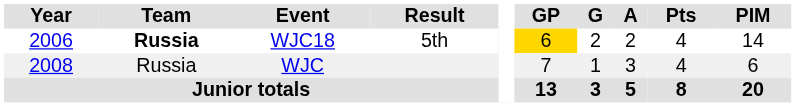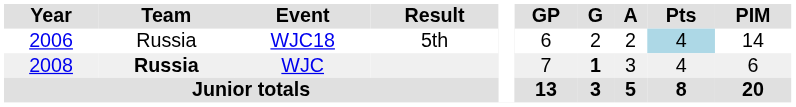 <table border="0" cellpadding="1" cellspacing="0" style="text-align:center; width:40em">
 <tr align="center" bgcolor="#e0e0e0">
 <th>Year</th>
 <th>Team</th>
 <th>Event</th>
 <th>Result</th>
 <th rowspan="99" bgcolor="#ffffff"> </th>
 <th>GP</th>
 <th>G</th>
 <th>A</th>
 <th>Pts</th>
 <th>PIM</th>
 </tr>
 <tr align="center">
 <td><a href='#'>2006</a></td>
-<td><strong>Russia</strong></td>
+<td>Russia</td>
 <td><a href='#'>WJC18</a></td>
 <td>5th</td>
-<td style="background: gold;">6</td>
+<td>6</td>
 <td>2</td>
 <td>2</td>
-<td>4</td>
+<td style="background: lightblue;">4</td>
 <td>14</td>
 </tr>
 <tr align="center" bgcolor="#f0f0f0">
 <td><a href='#'>2008</a></td>
-<td>Russia</td>
+<td><strong>Russia</strong></td>
 <td><a href='#'>WJC</a></td>
 <td></td>
 <td>7</td>
-<td>1</td>
+<td><strong>1</strong></td>
 <td>3</td>
 <td>4</td>
 <td>6</td>
 </tr>
 <tr bgcolor="#e0e0e0">
 <th colspan="4">Junior totals</th>
 <th>13</th>
 <th>3</th>
 <th>5</th>
 <th>8</th>
 <th>20</th>
 </tr>
 </table>
